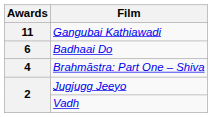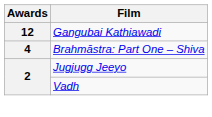 <table class="wikitable" style="display:inline-table;">
 <tr>
 <th>Awards</th>
 <th>Film</th>
 </tr>
 <tr>
-<th scope=row>11</th>
+<th scope=row>12</th>
 <td><em><a href='#'>Gangubai Kathiawadi</a></em></td>
-</tr>
-<tr>
-<th>6</th>
-<td><em><a href='#'>Badhaai Do</a></em></td>
 </tr>
 <tr>
 <th>4</th>
 <td><em><a href='#'>Brahmāstra: Part One – Shiva</a></em></td>
 </tr>
 <tr>
 <th rowspan="2">2</th>
 <td><em><a href='#'>Jugjugg Jeeyo</a></em></td>
 </tr>
 <tr>
 <td><em><a href='#'>Vadh</a></em></td>
 </tr>
 </table>
